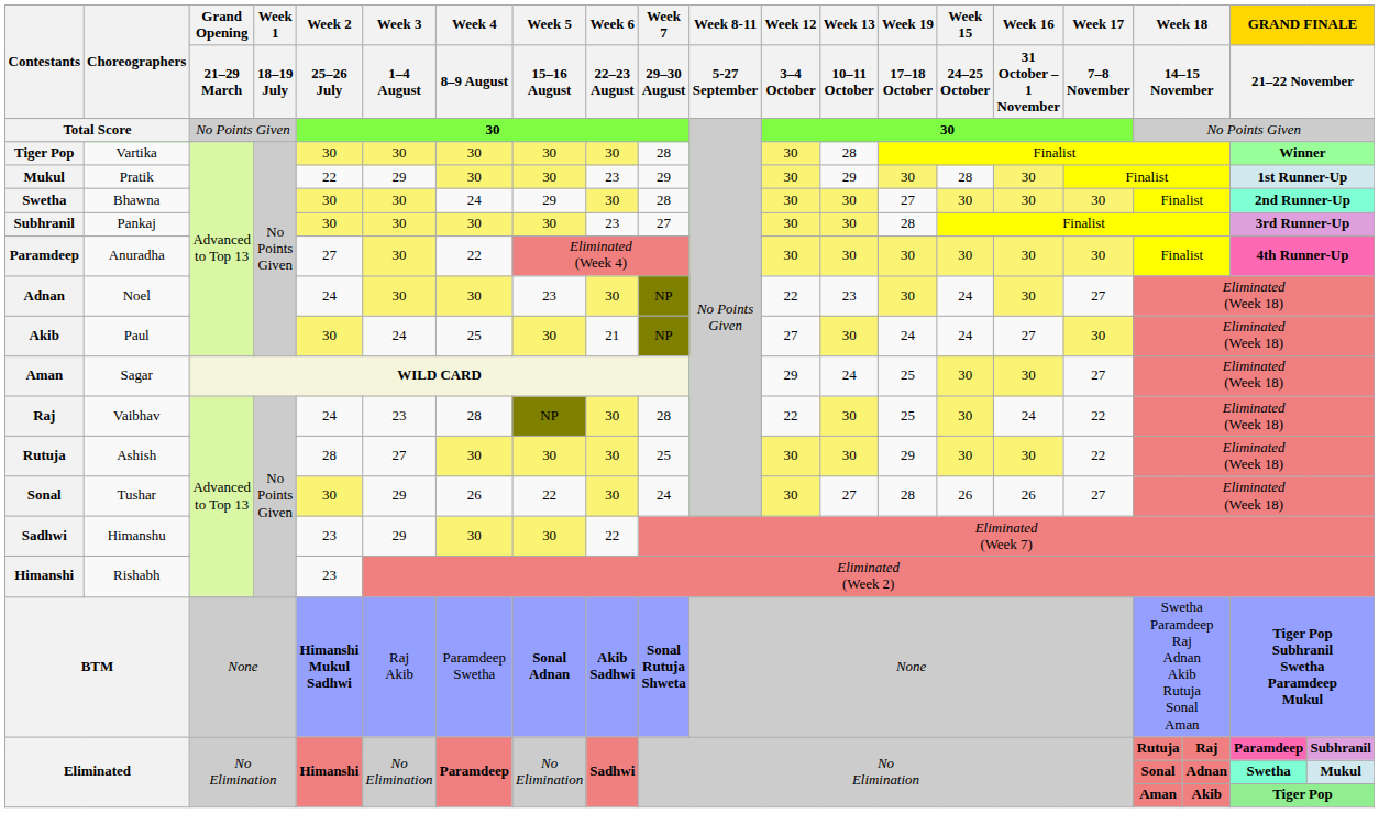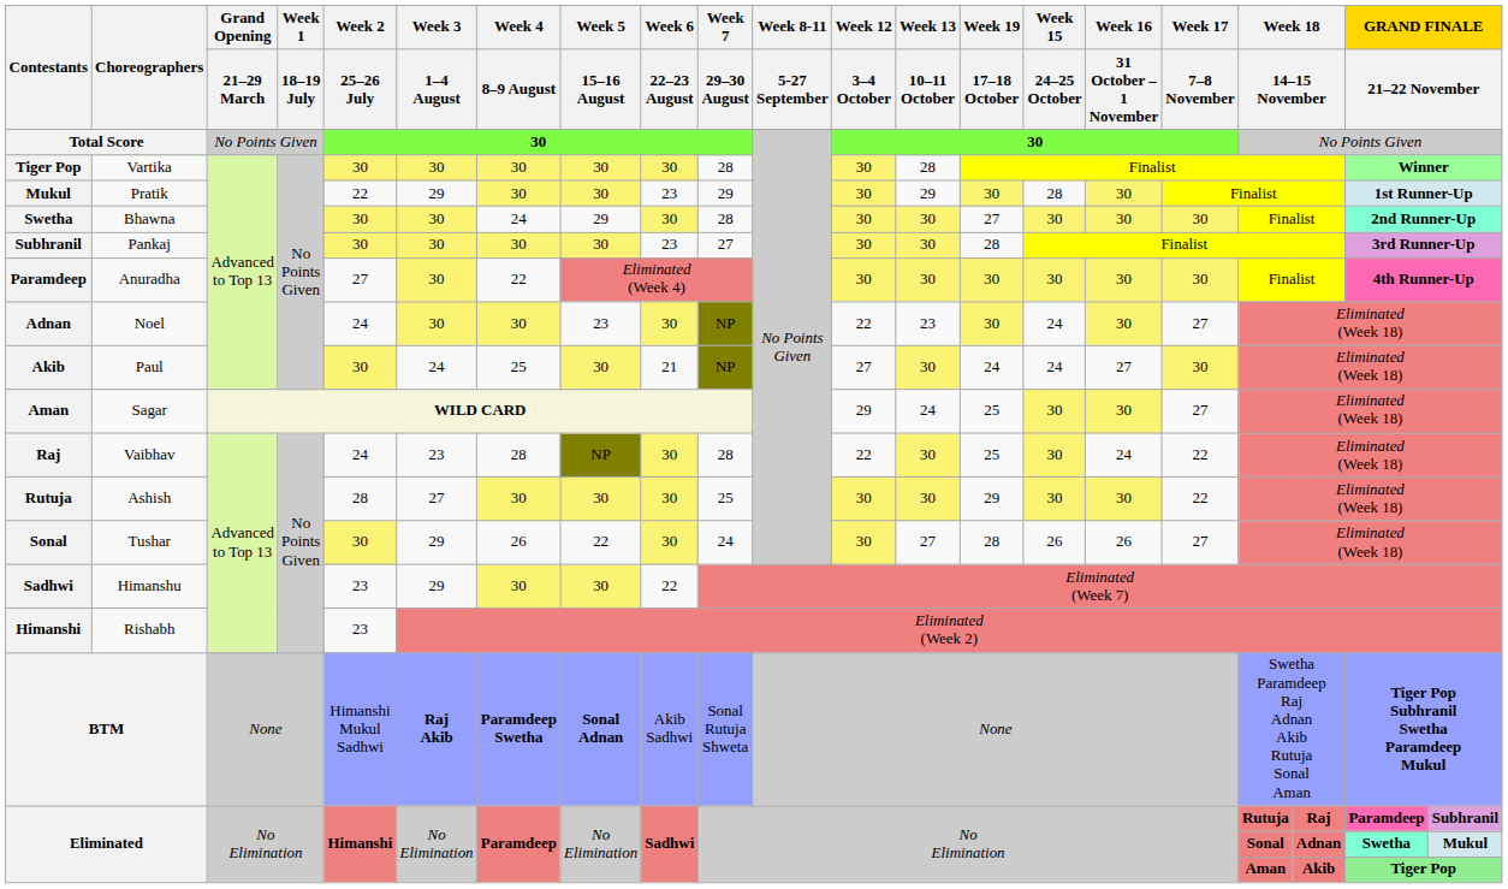 <table class="wikitable" style="text-align:center; width:100%; font-size:80%; line-height:15px;">
 <tr>
 <th rowspan="2" style="width:6%;">Contestants</th>
 <th rowspan="2">Choreographers</th>
 <th style="width:6%; red-space:nowrap;">Grand Opening</th>
 <th style="width:6%;red-space:nowrap;">Week 1</th>
 <th style="width:6%; red-space:nowrap;">Week 2</th>
 <th style="width:6%; red-Pspace:nowrap;">Week 3</th>
 <th style="width:6%; red-space:nowrap;">Week 4</th>
 <th style="width:6%; red-space:nowrap;">Week 5</th>
 <th style="width:6%; red-space:nowrap;">Week 6</th>
 <th style="width:6%; red-space:nowrap;">Week 7</th>
 <th>Week 8-11</th>
 <th style="width:6%; white-space:nowrap;">Week 12</th>
 <th style="width:6%; white-space:nowrap;">Week 13</th>
 <th style="width:6%; white-space:nowrap;">Week 19</th>
 <th style="width:6%; white-Pspace:nowrap;">Week 15</th>
 <th style="width:6%; white-Pspace:nowrap;">Week 16</th>
 <th style="width:6%; white-Pspace:nowrap;">Week 17</th>
 <th colspan="2" style="width:6%; white-Pspace:nowrap;">Week 18</th>
 <td colspan="2" style="width:6%; white-Pspace:nowrap;" bgcolor="gold"><strong>GRAND FINALE</strong></td>
 </tr>
 <tr>
 <th>21–29 March</th>
 <th>18–19 July</th>
 <th>25–26 July</th>
 <th>1–4 August</th>
 <th>8–9 August</th>
 <th>15–16 August</th>
 <th>22–23 August</th>
 <th>29–30 August</th>
 <th>5-27 September</th>
 <th>3–4 October</th>
 <th>10–11 October</th>
 <th>17–18 October</th>
 <th>24–25 October</th>
 <th>31 October – 1 November</th>
 <th>7–8 November</th>
 <th colspan="2">14–15 November</th>
 <th colspan="2">21–22 November</th>
 </tr>
 <tr style="background:#7ffd44;">
 <th colspan="2">Total Score</th>
 <td colspan="2" bgcolor=#ccc><em>No Points Given</em></td>
 <td colspan="6"><strong>30</strong></td>
 <td rowspan="12" bgcolor=#ccc><em>No Points Given</em></td>
 <td colspan="6"><strong>30</strong></td>
 <td colspan="4" bgcolor=#ccc><em>No Points Given</em></td>
 </tr>
 <tr>
 <th>Tiger Pop</th>
 <td>Vartika</td>
 <td rowspan="7" style="background:#daf7a6;">Advanced to Top 13</td>
 <td rowspan="7" bgcolor="#ccc">No Points Given</td>
 <td style="background:#FBF373">30</td>
 <td style="background:#FBF373">30</td>
 <td style="background:#FBF373">30</td>
 <td style="background:#FBF373">30</td>
 <td style="background:#FBF373">30</td>
 <td>28</td>
 <td style="background:#FBF373">30</td>
 <td>28</td>
 <td colspan="6" style="background: yellow">Finalist</td>
 <td colspan="2" style="background: #99FF99; color: black; vertical-align: middle; text-align: center; " class="yes table-yes2"><strong>Winner</strong></td>
 </tr>
 <tr>
 <th>Mukul</th>
 <td>Pratik</td>
 <td>22</td>
 <td>29</td>
 <td style="background:#FBF373">30</td>
 <td style="background:#FBF373">30</td>
 <td>23</td>
 <td>29</td>
 <td style="background:#FBF373">30</td>
 <td>29</td>
 <td style="background:#FBF373">30</td>
 <td>28</td>
 <td style="background:#FBF373">30</td>
 <td colspan="3" style="background: yellow">Finalist</td>
 <td colspan="2" style="background: #D1E8EF; vertical-align: middle; text-align: center;" class="table-cast"><strong>1st Runner-Up</strong></td>
 </tr>
 <tr>
 <th>Swetha</th>
 <td>Bhawna</td>
 <td style="background:#FBF373">30</td>
 <td style="background:#FBF373">30</td>
 <td>24</td>
 <td>29</td>
 <td style="background:#FBF373">30</td>
 <td>28</td>
 <td style="background:#FBF373">30</td>
 <td style="background:#FBF373">30</td>
 <td>27</td>
 <td style="background:#FBF373">30</td>
 <td style="background:#FBF373">30</td>
 <td style="background:#FBF373">30</td>
 <td colspan="2" style="background: yellow">Finalist</td>
 <td colspan="2" style="background:#7FFFD4;"><strong>2nd Runner-Up</strong></td>
 </tr>
 <tr>
 <th>Subhranil</th>
 <td>Pankaj</td>
 <td style="background:#FBF373">30</td>
 <td style="background:#FBF373">30</td>
 <td style="background:#FBF373">30</td>
 <td style="background:#FBF373">30</td>
 <td>23</td>
 <td>27</td>
 <td style="background:#FBF373">30</td>
 <td style="background:#FBF373">30</td>
 <td>28</td>
 <td colspan="5" style="background: yellow">Finalist</td>
 <td colspan="2" style="background: #DDA0DD;"><strong>3rd Runner-Up</strong></td>
 </tr>
 <tr>
 <th>Paramdeep</th>
 <td>Anuradha</td>
 <td>27</td>
 <td style="background:#FBF373">30</td>
 <td>22</td>
 <td colspan="3" style="background:#F08080"><em>Eliminated</em><br>(Week 4)</td>
 <td style="background:#FBF373">30</td>
 <td style="background:#FBF373">30</td>
 <td style="background:#FBF373">30</td>
 <td style="background:#FBF373">30</td>
 <td style="background:#FBF373">30</td>
 <td style="background:#FBF373">30</td>
 <td colspan="2" style="background: yellow">Finalist</td>
 <td colspan="2" style="background:#FF69B4; text-align:center;"><strong>4th Runner-Up</strong></td>
 </tr>
 <tr>
 <th>Adnan</th>
 <td>Noel</td>
 <td>24</td>
 <td style="background:#FBF373">30</td>
 <td style="background:#FBF373">30</td>
 <td>23</td>
 <td style="background:#FBF373">30</td>
 <td style="background:#808000">NP</td>
 <td>22</td>
 <td>23</td>
 <td style="background:#FBF373">30</td>
 <td>24</td>
 <td style="background:#FBF373">30</td>
 <td>27</td>
 <td colspan="4" style="background:#F08080 "><em>Eliminated</em><br>(Week 18)</td>
 </tr>
 <tr>
 <th>Akib</th>
 <td>Paul</td>
 <td style="background:#FBF373">30</td>
 <td>24</td>
 <td>25</td>
 <td style="background:#FBF373">30</td>
 <td>21</td>
 <td style="background:#808000">NP</td>
 <td>27</td>
 <td style="background:#FBF373">30</td>
 <td>24</td>
 <td>24</td>
 <td>27</td>
 <td style="background:#FBF373">30</td>
 <td colspan="4" style="background:#F08080 "><em>Eliminated</em><br>(Week 18)</td>
 </tr>
 <tr>
 <th>Aman</th>
 <td>Sagar</td>
 <td colspan="8" bgcolor=beige><strong>WILD CARD</strong></td>
 <td>29</td>
 <td>24</td>
 <td>25</td>
 <td style="background:#FBF373">30</td>
 <td style="background:#FBF373">30</td>
 <td>27</td>
 <td colspan="4" style="background:#F08080 "><em>Eliminated</em><br>(Week 18)</td>
 </tr>
 <tr>
 <th>Raj</th>
 <td>Vaibhav</td>
 <td rowspan="5" style="background:#daf7a6;">Advanced to Top 13</td>
 <td rowspan="5" bgcolor=#ccc>No Points Given</td>
 <td>24</td>
 <td>23</td>
 <td>28</td>
 <td style="background:#808000">NP</td>
 <td style="background:#FBF373">30</td>
 <td>28</td>
 <td>22</td>
 <td style="background:#FBF373">30</td>
 <td>25</td>
 <td style="background:#FBF373">30</td>
 <td>24</td>
 <td>22</td>
 <td colspan="4" style="background:#F08080 "><em>Eliminated</em><br>(Week 18)</td>
 </tr>
 <tr>
 <th>Rutuja</th>
 <td>Ashish</td>
 <td>28</td>
 <td>27</td>
 <td style="background:#FBF373">30</td>
 <td style="background:#FBF373">30</td>
 <td style="background:#FBF373">30</td>
 <td>25</td>
 <td style="background:#FBF373">30</td>
 <td style="background:#FBF373">30</td>
 <td>29</td>
 <td style="background:#FBF373">30</td>
 <td style="background:#FBF373">30</td>
 <td>22</td>
 <td colspan="4" style="background: #F08080 "><em>Eliminated</em><br>(Week 18)</td>
 </tr>
 <tr>
 <th>Sonal</th>
 <td>Tushar</td>
 <td style="background:#FBF373">30</td>
 <td>29</td>
 <td>26</td>
 <td>22</td>
 <td style="background:#FBF373">30</td>
 <td>24</td>
 <td style="background:#FBF373">30</td>
 <td>27</td>
 <td>28</td>
 <td>26</td>
 <td>26</td>
 <td>27</td>
 <td colspan="4" style="background:#F08080"><em>Eliminated</em><br>(Week 18)</td>
 </tr>
 <tr>
 <th>Sadhwi</th>
 <td>Himanshu</td>
 <td>23</td>
 <td>29</td>
 <td style="background:#FBF373">30</td>
 <td style="background:#FBF373">30</td>
 <td>22</td>
 <td colspan="12" style="background:#F08080"><em>Eliminated</em><br>(Week 7)</td>
 </tr>
 <tr>
 <th>Himanshi</th>
 <td>Rishabh</td>
 <td>23</td>
 <td colspan="16" style="background: #F08080 "><em>Eliminated</em><br>(Week 2)</td>
 </tr>
 <tr>
 <th colspan="2">BTM</th>
 <td colspan="2" style="background:#ccc"><em> None</em></td>
-<td style="background:#959FFD"><strong>Himanshi<br>Mukul<br>Sadhwi</strong></td>
-<td style="background:#959FFD">Raj<br>Akib</td>
-<td style="background:#959FFD">Paramdeep<br>Swetha</td>
+<td style="background:#959FFD">Himanshi<br>Mukul<br>Sadhwi</td>
+<td style="background:#959FFD"><strong>Raj<br>Akib</strong></td>
+<td style="background:#959FFD"><strong>Paramdeep<br>Swetha</strong></td>
 <td style="background:#959FFD"><strong>Sonal<br>Adnan</strong></td>
-<td style="background:#959FFD"><strong>Akib<br>Sadhwi</strong></td>
-<td style="background:#959FFD"><strong>Sonal<br>Rutuja<br>Shweta</strong></td>
+<td style="background:#959FFD">Akib<br>Sadhwi</td>
+<td style="background:#959FFD">Sonal<br>Rutuja<br>Shweta</td>
 <td colspan="7" bgcolor="#ccc"><em>None</em></td>
 <td colspan="2" style="background:#959FFD">Swetha <br>Paramdeep<br> Raj <br>Adnan <br>Akib <br>Rutuja <br>Sonal <br>Aman</td>
 <td colspan="2" style="background:#959FFD"><strong>Tiger Pop<br> Subhranil<br> Swetha<br> Paramdeep <br>Mukul</strong></td>
 </tr>
 <tr>
 <th colspan="2" rowspan="3">Eliminated</th>
 <td colspan="2" rowspan="3" bgcolor=#ccc><em>No<br>Elimination</em></td>
 <td rowspan="3" style="background:#F08080"><strong>Himanshi</strong></td>
 <td rowspan="3" bgcolor=#ccc><em>No<br>Elimination</em></td>
 <td rowspan="3" style="background:#F08080"><strong>Paramdeep</strong></td>
 <td rowspan="3" bgcolor=#ccc><em>No<br>Elimination</em></td>
 <td rowspan="3" style="background:#F08080"><strong>Sadhwi</strong></td>
 <td colspan="8" rowspan="3" bgcolor=#ccc><em>No<br>Elimination</em></td>
 <td style="background:#F08080"><strong>Rutuja</strong></td>
 <td style="background:#F08080"><strong>Raj</strong></td>
 <td style="background:#FF69B4; text-align:center;"><strong>Paramdeep</strong></td>
 <td style="background:#DDA0DD; text-align:center;"><strong>Subhranil</strong></td>
 </tr>
 <tr>
 <td style="background:#F08080"><strong>Sonal</strong></td>
 <td style="background:#F08080"><strong>Adnan</strong></td>
 <td style="background:#7FFFD4;"><strong>Swetha</strong></td>
 <td style="background: #D1E8EF;"><strong>Mukul</strong></td>
 </tr>
 <tr>
 <td style="background:#F08080"><strong>Aman</strong></td>
 <td style="background:#F08080"><strong>Akib</strong></td>
 <td colspan="2" bgcolor=lightgreen><strong>Tiger Pop</strong></td>
 </tr>
 </table>
